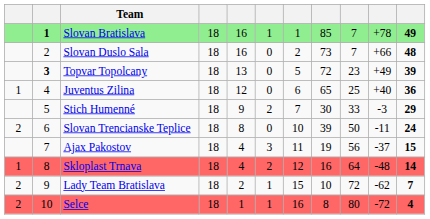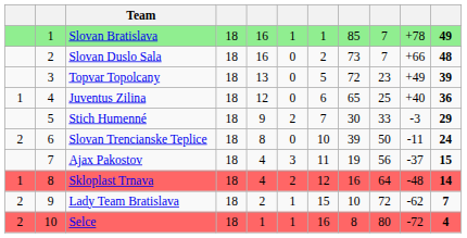 <table class="wikitable" style="font-size:95%; text-align:center;">
 <tr bgcolor="#efefef">
 <th width="30"></th>
 <th width="30"></th>
 <th width="175">Team</th>
 <th width="30"></th>
 <th width="30"></th>
 <th width="30"></th>
 <th width="30"></th>
 <th width="30"></th>
 <th width="30"></th>
 <th width="30"></th>
 <th width="30"></th>
 </tr>
 <tr style="background:#90EE90">
 <td></td>
-<td><strong>1</strong></td>
+<td>1</td>
 <td style="text-align:left"><a href='#'>Slovan Bratislava</a></td>
 <td>18</td>
 <td>16</td>
 <td>1</td>
 <td>1</td>
 <td>85</td>
 <td>7</td>
 <td>+78</td>
 <td><strong>49</strong></td>
 </tr>
 <tr>
 <td></td>
 <td>2</td>
 <td style="text-align:left"><a href='#'>Slovan Duslo Sala</a></td>
 <td>18</td>
 <td>16</td>
 <td>0</td>
 <td>2</td>
 <td>73</td>
 <td>7</td>
 <td>+66</td>
 <td><strong>48</strong></td>
 </tr>
 <tr>
 <td></td>
-<td><strong>3</strong></td>
+<td>3</td>
 <td style="text-align:left"><a href='#'>Topvar Topolcany</a></td>
 <td>18</td>
 <td>13</td>
 <td>0</td>
 <td>5</td>
 <td>72</td>
 <td>23</td>
 <td>+49</td>
 <td><strong>39</strong></td>
 </tr>
 <tr>
 <td>1</td>
 <td>4</td>
 <td style="text-align:left"><a href='#'>Juventus Zilina</a></td>
 <td>18</td>
 <td>12</td>
 <td>0</td>
 <td>6</td>
 <td>65</td>
 <td>25</td>
 <td>+40</td>
 <td><strong>36</strong></td>
 </tr>
 <tr>
 <td></td>
 <td>5</td>
 <td style="text-align:left"><a href='#'>Stich Humenné</a></td>
 <td>18</td>
 <td>9</td>
 <td>2</td>
 <td>7</td>
 <td>30</td>
 <td>33</td>
 <td>-3</td>
 <td><strong>29</strong></td>
 </tr>
 <tr>
 <td>2</td>
 <td>6</td>
 <td style="text-align:left"><a href='#'>Slovan Trencianske Teplice</a></td>
 <td>18</td>
 <td>8</td>
 <td>0</td>
 <td>10</td>
 <td>39</td>
 <td>50</td>
 <td>-11</td>
 <td><strong>24</strong></td>
 </tr>
 <tr>
 <td></td>
 <td>7</td>
 <td style="text-align:left"><a href='#'>Ajax Pakostov</a></td>
 <td>18</td>
 <td>4</td>
 <td>3</td>
 <td>11</td>
 <td>19</td>
 <td>56</td>
 <td>-37</td>
 <td><strong>15</strong></td>
 </tr>
 <tr style="background:#FF6666">
 <td>1</td>
 <td>8</td>
 <td style="text-align:left"><a href='#'>Skloplast Trnava</a></td>
 <td>18</td>
 <td>4</td>
 <td>2</td>
 <td>12</td>
 <td>16</td>
 <td>64</td>
 <td>-48</td>
 <td><strong>14</strong></td>
 </tr>
 <tr>
 <td>2</td>
 <td>9</td>
 <td style="text-align:left"><a href='#'>Lady Team Bratislava</a></td>
 <td>18</td>
 <td>2</td>
 <td>1</td>
 <td>15</td>
 <td>10</td>
 <td>72</td>
 <td>-62</td>
 <td><strong>7</strong></td>
 </tr>
 <tr style="background:#FF6666">
 <td>2</td>
 <td>10</td>
 <td style="text-align:left"><a href='#'>Selce</a></td>
 <td>18</td>
 <td>1</td>
 <td>1</td>
 <td>16</td>
 <td>8</td>
 <td>80</td>
 <td>-72</td>
 <td><strong>4</strong></td>
 </tr>
 </table>
